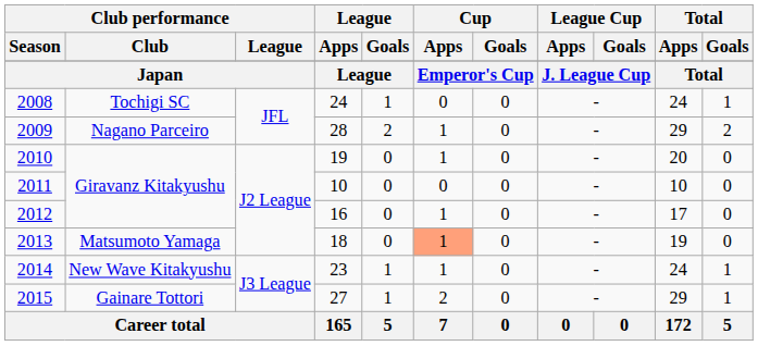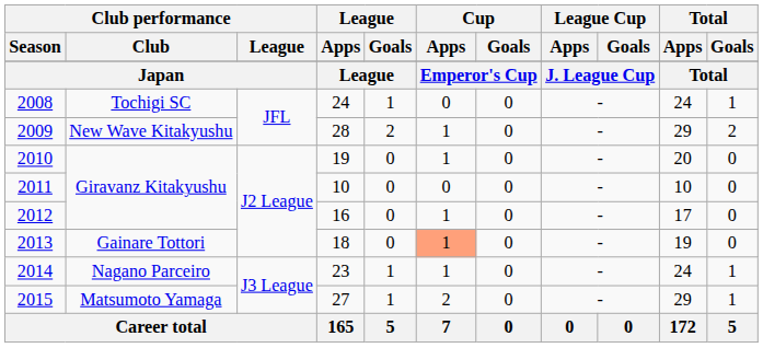 <table class="wikitable" style="text-align:center">
 <tr>
 <th colspan=3>Club performance</th>
 <th colspan=2>League</th>
 <th colspan=2>Cup</th>
 <th colspan=2>League Cup</th>
 <th colspan=2>Total</th>
 </tr>
 <tr>
 <th>Season</th>
 <th>Club</th>
 <th>League</th>
 <th>Apps</th>
 <th>Goals</th>
 <th>Apps</th>
 <th>Goals</th>
 <th>Apps</th>
 <th>Goals</th>
 <th>Apps</th>
 <th>Goals</th>
 </tr>
 <tr>
 </tr>
 <tr>
 <th colspan=3>Japan</th>
 <th colspan=2>League</th>
 <th colspan=2><a href='#'>Emperor's Cup</a></th>
 <th colspan=2><a href='#'>J. League Cup</a></th>
 <th colspan=2>Total</th>
 </tr>
 <tr>
 <td><a href='#'>2008</a></td>
 <td><a href='#'>Tochigi SC</a></td>
 <td rowspan="2"><a href='#'>JFL</a></td>
 <td>24</td>
 <td>1</td>
 <td>0</td>
 <td>0</td>
 <td colspan="2">-</td>
 <td>24</td>
 <td>1</td>
 </tr>
 <tr>
 <td><a href='#'>2009</a></td>
-<td><a href='#'>Nagano Parceiro</a></td>
+<td><a href='#'>New Wave Kitakyushu</a></td>
 <td>28</td>
 <td>2</td>
 <td>1</td>
 <td>0</td>
 <td colspan="2">-</td>
 <td>29</td>
 <td>2</td>
 </tr>
 <tr>
 <td><a href='#'>2010</a></td>
 <td rowspan="3"><a href='#'>Giravanz Kitakyushu</a></td>
 <td rowspan="4"><a href='#'>J2 League</a></td>
 <td>19</td>
 <td>0</td>
 <td>1</td>
 <td>0</td>
 <td colspan="2">-</td>
 <td>20</td>
 <td>0</td>
 </tr>
 <tr>
 <td><a href='#'>2011</a></td>
 <td>10</td>
 <td>0</td>
 <td>0</td>
 <td>0</td>
 <td colspan="2">-</td>
 <td>10</td>
 <td>0</td>
 </tr>
 <tr>
 <td><a href='#'>2012</a></td>
 <td>16</td>
 <td>0</td>
 <td>1</td>
 <td>0</td>
 <td colspan="2">-</td>
 <td>17</td>
 <td>0</td>
 </tr>
 <tr>
 <td><a href='#'>2013</a></td>
-<td><a href='#'>Matsumoto Yamaga</a></td>
+<td><a href='#'>Gainare Tottori</a></td>
 <td>18</td>
 <td>0</td>
 <td style="background: lightsalmon;">1</td>
 <td>0</td>
 <td colspan="2">-</td>
 <td>19</td>
 <td>0</td>
 </tr>
 <tr>
 <td><a href='#'>2014</a></td>
-<td><a href='#'>New Wave Kitakyushu</a></td>
+<td><a href='#'>Nagano Parceiro</a></td>
 <td rowspan="2"><a href='#'>J3 League</a></td>
 <td>23</td>
 <td>1</td>
 <td>1</td>
 <td>0</td>
 <td colspan="2">-</td>
 <td>24</td>
 <td>1</td>
 </tr>
 <tr>
 <td><a href='#'>2015</a></td>
-<td><a href='#'>Gainare Tottori</a></td>
+<td><a href='#'>Matsumoto Yamaga</a></td>
 <td>27</td>
 <td>1</td>
 <td>2</td>
 <td>0</td>
 <td colspan="2">-</td>
 <td>29</td>
 <td>1</td>
 </tr>
 <tr>
 <th colspan=3>Career total</th>
 <th>165</th>
 <th>5</th>
 <th>7</th>
 <th>0</th>
 <th>0</th>
 <th>0</th>
 <th>172</th>
 <th>5</th>
 </tr>
 </table>
